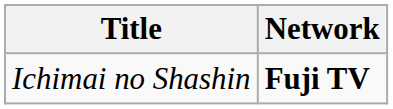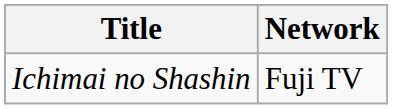 <table class="wikitable">
 <tr>
 <th>Title</th>
 <th>Network</th>
 </tr>
 <tr>
 <td><em>Ichimai no Shashin</em></td>
-<td><strong>Fuji TV</strong></td>
+<td>Fuji TV</td>
 </tr>
 </table>
